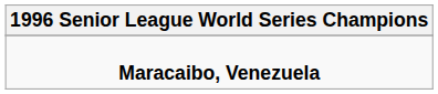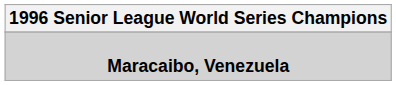 <table class="wikitable" style="text-align: center; margin: 0 auto;">
 <tr>
 <th>1996 Senior League World Series Champions</th>
 </tr>
 <tr>
 </tr>
 <tr>
-<td><br> <strong>Maracaibo, Venezuela</strong></td>
+<td style="background: lightgrey;"><br> <strong>Maracaibo, Venezuela</strong></td>
 </tr>
 </table>
